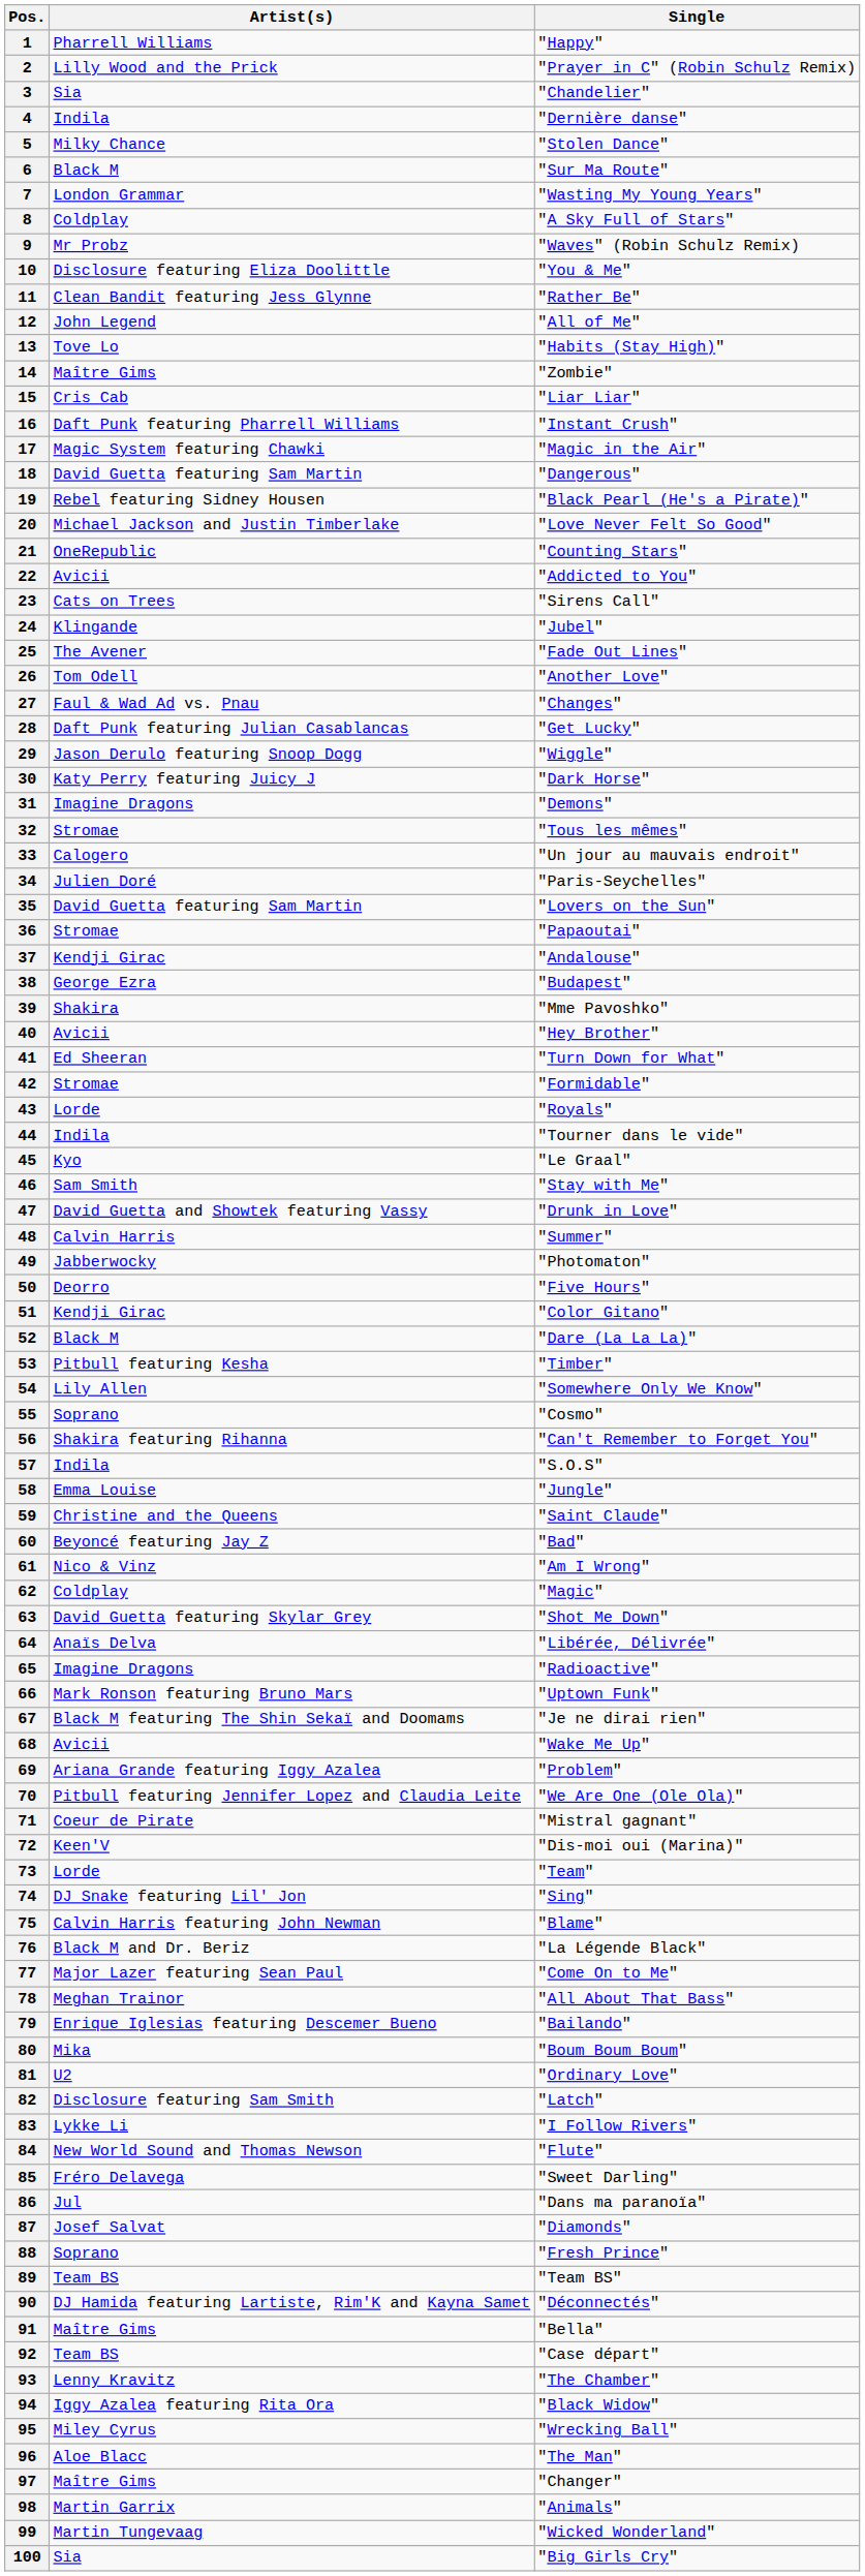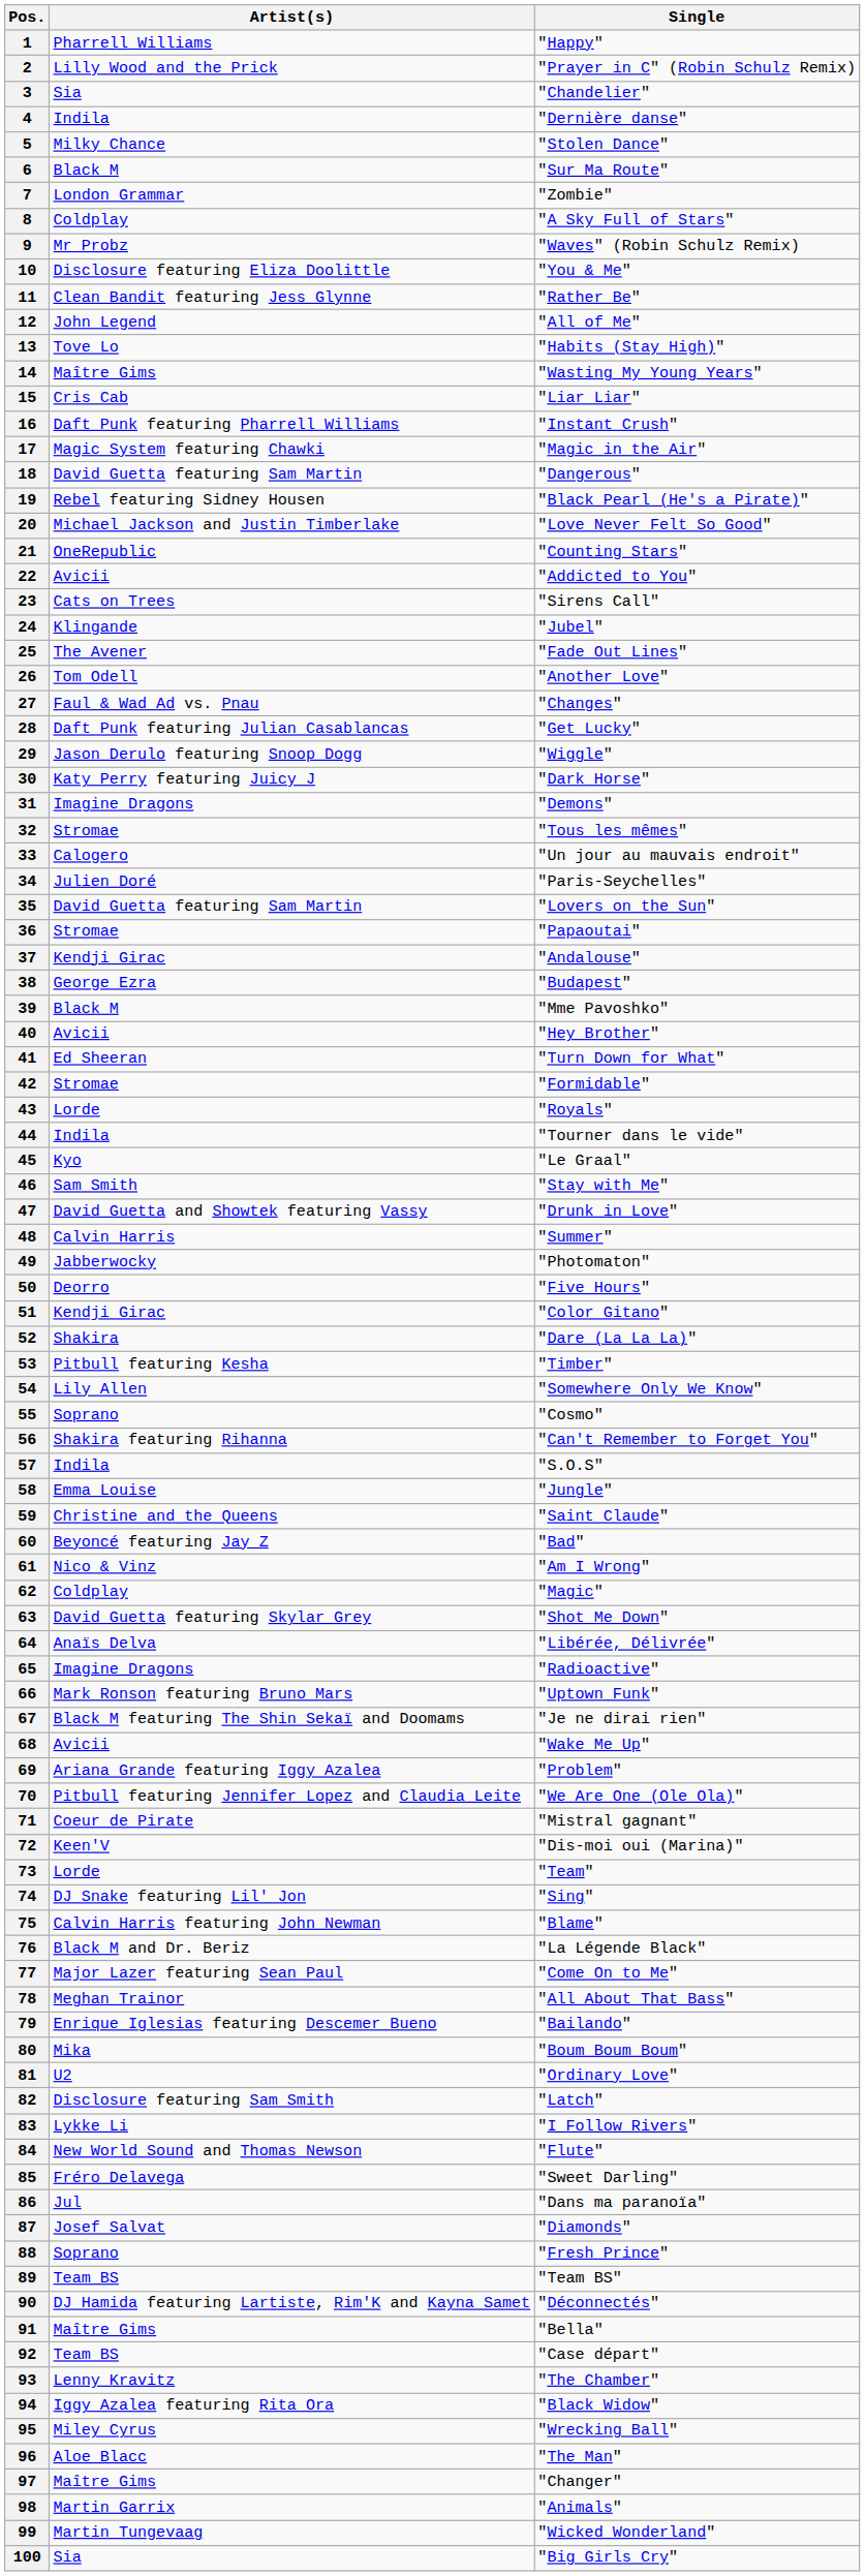 <table class="wikitable sortable">
 <tr>
 <th>Pos.</th>
 <th>Artist(s)</th>
 <th>Single</th>
 </tr>
 <tr>
 <th>1</th>
 <td><a href='#'>Pharrell Williams</a></td>
 <td>"<a href='#'>Happy</a>"</td>
 </tr>
 <tr>
 <th>2</th>
 <td><a href='#'>Lilly Wood and the Prick</a></td>
 <td>"<a href='#'>Prayer in C</a>" (<a href='#'>Robin Schulz</a> Remix)</td>
 </tr>
 <tr>
 <th>3</th>
 <td><a href='#'>Sia</a></td>
 <td>"<a href='#'>Chandelier</a>"</td>
 </tr>
 <tr>
 <th>4</th>
 <td><a href='#'>Indila</a></td>
 <td>"<a href='#'>Dernière danse</a>"</td>
 </tr>
 <tr>
 <th>5</th>
 <td><a href='#'>Milky Chance</a></td>
 <td>"<a href='#'>Stolen Dance</a>"</td>
 </tr>
 <tr>
 <th>6</th>
 <td><a href='#'>Black M</a></td>
 <td>"<a href='#'>Sur Ma Route</a>"</td>
 </tr>
 <tr>
 <th>7</th>
 <td><a href='#'>London Grammar</a></td>
-<td>"<a href='#'>Wasting My Young Years</a>"</td>
+<td>"Zombie"</td>
 </tr>
 <tr>
 <th>8</th>
 <td><a href='#'>Coldplay</a></td>
 <td>"<a href='#'>A Sky Full of Stars</a>"</td>
 </tr>
 <tr>
 <th>9</th>
 <td><a href='#'>Mr Probz</a></td>
 <td>"<a href='#'>Waves</a>" (Robin Schulz Remix)</td>
 </tr>
 <tr>
 <th>10</th>
 <td><a href='#'>Disclosure</a> featuring <a href='#'>Eliza Doolittle</a></td>
 <td>"<a href='#'>You & Me</a>"</td>
 </tr>
 <tr>
 <th>11</th>
 <td><a href='#'>Clean Bandit</a> featuring <a href='#'>Jess Glynne</a></td>
 <td>"<a href='#'>Rather Be</a>"</td>
 </tr>
 <tr>
 <th>12</th>
 <td><a href='#'>John Legend</a></td>
 <td>"<a href='#'>All of Me</a>"</td>
 </tr>
 <tr>
 <th>13</th>
 <td><a href='#'>Tove Lo</a></td>
 <td>"<a href='#'>Habits (Stay High)</a>"</td>
 </tr>
 <tr>
 <th>14</th>
 <td><a href='#'>Maître Gims</a></td>
-<td>"Zombie"</td>
+<td>"<a href='#'>Wasting My Young Years</a>"</td>
 </tr>
 <tr>
 <th>15</th>
 <td><a href='#'>Cris Cab</a></td>
 <td>"<a href='#'>Liar Liar</a>"</td>
 </tr>
 <tr>
 <th>16</th>
 <td><a href='#'>Daft Punk</a> featuring <a href='#'>Pharrell Williams</a></td>
 <td>"<a href='#'>Instant Crush</a>"</td>
 </tr>
 <tr>
 <th>17</th>
 <td><a href='#'>Magic System</a> featuring <a href='#'>Chawki</a></td>
 <td>"<a href='#'>Magic in the Air</a>"</td>
 </tr>
 <tr>
 <th>18</th>
 <td><a href='#'>David Guetta</a> featuring <a href='#'>Sam Martin</a></td>
 <td>"<a href='#'>Dangerous</a>"</td>
 </tr>
 <tr>
 <th>19</th>
 <td><a href='#'>Rebel</a> featuring Sidney Housen</td>
 <td>"<a href='#'>Black Pearl (He's a Pirate)</a>"</td>
 </tr>
 <tr>
 <th>20</th>
 <td><a href='#'>Michael Jackson</a> and <a href='#'>Justin Timberlake</a></td>
 <td>"<a href='#'>Love Never Felt So Good</a>"</td>
 </tr>
 <tr>
 <th>21</th>
 <td><a href='#'>OneRepublic</a></td>
 <td>"<a href='#'>Counting Stars</a>"</td>
 </tr>
 <tr>
 <th>22</th>
 <td><a href='#'>Avicii</a></td>
 <td>"<a href='#'>Addicted to You</a>"</td>
 </tr>
 <tr>
 <th>23</th>
 <td><a href='#'>Cats on Trees</a></td>
 <td>"Sirens Call"</td>
 </tr>
 <tr>
 <th>24</th>
 <td><a href='#'>Klingande</a></td>
 <td>"<a href='#'>Jubel</a>"</td>
 </tr>
 <tr>
 <th>25</th>
 <td><a href='#'>The Avener</a></td>
 <td>"<a href='#'>Fade Out Lines</a>"</td>
 </tr>
 <tr>
 <th>26</th>
 <td><a href='#'>Tom Odell</a></td>
 <td>"<a href='#'>Another Love</a>"</td>
 </tr>
 <tr>
 <th>27</th>
 <td><a href='#'>Faul & Wad Ad</a> vs. <a href='#'>Pnau</a></td>
 <td>"<a href='#'>Changes</a>"</td>
 </tr>
 <tr>
 <th>28</th>
 <td><a href='#'>Daft Punk</a> featuring <a href='#'>Julian Casablancas</a></td>
 <td>"<a href='#'>Get Lucky</a>"</td>
 </tr>
 <tr>
 <th>29</th>
 <td><a href='#'>Jason Derulo</a> featuring <a href='#'>Snoop Dogg</a></td>
 <td>"<a href='#'>Wiggle</a>"</td>
 </tr>
 <tr>
 <th>30</th>
 <td><a href='#'>Katy Perry</a> featuring <a href='#'>Juicy J</a></td>
 <td>"<a href='#'>Dark Horse</a>"</td>
 </tr>
 <tr>
 <th>31</th>
 <td><a href='#'>Imagine Dragons</a></td>
 <td>"<a href='#'>Demons</a>"</td>
 </tr>
 <tr>
 <th>32</th>
 <td><a href='#'>Stromae</a></td>
 <td>"<a href='#'>Tous les mêmes</a>"</td>
 </tr>
 <tr>
 <th>33</th>
 <td><a href='#'>Calogero</a></td>
 <td>"Un jour au mauvais endroit"</td>
 </tr>
 <tr>
 <th>34</th>
 <td><a href='#'>Julien Doré</a></td>
 <td>"Paris-Seychelles"</td>
 </tr>
 <tr>
 <th>35</th>
 <td><a href='#'>David Guetta</a> featuring <a href='#'>Sam Martin</a></td>
 <td>"<a href='#'>Lovers on the Sun</a>"</td>
 </tr>
 <tr>
 <th>36</th>
 <td><a href='#'>Stromae</a></td>
 <td>"<a href='#'>Papaoutai</a>"</td>
 </tr>
 <tr>
 <th>37</th>
 <td><a href='#'>Kendji Girac</a></td>
 <td>"<a href='#'>Andalouse</a>"</td>
 </tr>
 <tr>
 <th>38</th>
 <td><a href='#'>George Ezra</a></td>
 <td>"<a href='#'>Budapest</a>"</td>
 </tr>
 <tr>
 <th>39</th>
-<td><a href='#'>Shakira</a></td>
+<td><a href='#'>Black M</a></td>
 <td>"Mme Pavoshko"</td>
 </tr>
 <tr>
 <th>40</th>
 <td><a href='#'>Avicii</a></td>
 <td>"<a href='#'>Hey Brother</a>"</td>
 </tr>
 <tr>
 <th>41</th>
 <td><a href='#'>Ed Sheeran</a></td>
 <td>"<a href='#'>Turn Down for What</a>"</td>
 </tr>
 <tr>
 <th>42</th>
 <td><a href='#'>Stromae</a></td>
 <td>"<a href='#'>Formidable</a>"</td>
 </tr>
 <tr>
 <th>43</th>
 <td><a href='#'>Lorde</a></td>
 <td>"<a href='#'>Royals</a>"</td>
 </tr>
 <tr>
 <th>44</th>
 <td><a href='#'>Indila</a></td>
 <td>"Tourner dans le vide"</td>
 </tr>
 <tr>
 <th>45</th>
 <td><a href='#'>Kyo</a></td>
 <td>"Le Graal"</td>
 </tr>
 <tr>
 <th>46</th>
 <td><a href='#'>Sam Smith</a></td>
 <td>"<a href='#'>Stay with Me</a>"</td>
 </tr>
 <tr>
 <th>47</th>
 <td><a href='#'>David Guetta</a> and <a href='#'>Showtek</a> featuring <a href='#'>Vassy</a></td>
 <td>"<a href='#'>Drunk in Love</a>"</td>
 </tr>
 <tr>
 <th>48</th>
 <td><a href='#'>Calvin Harris</a></td>
 <td>"<a href='#'>Summer</a>"</td>
 </tr>
 <tr>
 <th>49</th>
 <td><a href='#'>Jabberwocky</a></td>
 <td>"Photomaton"</td>
 </tr>
 <tr>
 <th>50</th>
 <td><a href='#'>Deorro</a></td>
 <td>"<a href='#'>Five Hours</a>"</td>
 </tr>
 <tr>
 <th>51</th>
 <td><a href='#'>Kendji Girac</a></td>
 <td>"<a href='#'>Color Gitano</a>"</td>
 </tr>
 <tr>
 <th>52</th>
-<td><a href='#'>Black M</a></td>
+<td><a href='#'>Shakira</a></td>
 <td>"<a href='#'>Dare (La La La)</a>"</td>
 </tr>
 <tr>
 <th>53</th>
 <td><a href='#'>Pitbull</a> featuring <a href='#'>Kesha</a></td>
 <td>"<a href='#'>Timber</a>"</td>
 </tr>
 <tr>
 <th>54</th>
 <td><a href='#'>Lily Allen</a></td>
 <td>"<a href='#'>Somewhere Only We Know</a>"</td>
 </tr>
 <tr>
 <th>55</th>
 <td><a href='#'>Soprano</a></td>
 <td>"Cosmo"</td>
 </tr>
 <tr>
 <th>56</th>
 <td><a href='#'>Shakira</a> featuring <a href='#'>Rihanna</a></td>
 <td>"<a href='#'>Can't Remember to Forget You</a>"</td>
 </tr>
 <tr>
 <th>57</th>
 <td><a href='#'>Indila</a></td>
 <td>"S.O.S"</td>
 </tr>
 <tr>
 <th>58</th>
 <td><a href='#'>Emma Louise</a></td>
 <td>"<a href='#'>Jungle</a>"</td>
 </tr>
 <tr>
 <th>59</th>
 <td><a href='#'>Christine and the Queens</a></td>
 <td>"<a href='#'>Saint Claude</a>"</td>
 </tr>
 <tr>
 <th>60</th>
 <td><a href='#'>Beyoncé</a> featuring <a href='#'>Jay Z</a></td>
 <td>"<a href='#'>Bad</a>"</td>
 </tr>
 <tr>
 <th>61</th>
 <td><a href='#'>Nico & Vinz</a></td>
 <td>"<a href='#'>Am I Wrong</a>"</td>
 </tr>
 <tr>
 <th>62</th>
 <td><a href='#'>Coldplay</a></td>
 <td>"<a href='#'>Magic</a>"</td>
 </tr>
 <tr>
 <th>63</th>
 <td><a href='#'>David Guetta</a> featuring <a href='#'>Skylar Grey</a></td>
 <td>"<a href='#'>Shot Me Down</a>"</td>
 </tr>
 <tr>
 <th>64</th>
 <td><a href='#'>Anaïs Delva</a></td>
 <td>"<a href='#'>Libérée, Délivrée</a>"</td>
 </tr>
 <tr>
 <th>65</th>
 <td><a href='#'>Imagine Dragons</a></td>
 <td>"<a href='#'>Radioactive</a>"</td>
 </tr>
 <tr>
 <th>66</th>
 <td><a href='#'>Mark Ronson</a> featuring <a href='#'>Bruno Mars</a></td>
 <td>"<a href='#'>Uptown Funk</a>"</td>
 </tr>
 <tr>
 <th>67</th>
 <td><a href='#'>Black M</a> featuring <a href='#'>The Shin Sekaï</a> and Doomams</td>
 <td>"Je ne dirai rien"</td>
 </tr>
 <tr>
 <th>68</th>
 <td><a href='#'>Avicii</a></td>
 <td>"<a href='#'>Wake Me Up</a>"</td>
 </tr>
 <tr>
 <th>69</th>
 <td><a href='#'>Ariana Grande</a> featuring <a href='#'>Iggy Azalea</a></td>
 <td>"<a href='#'>Problem</a>"</td>
 </tr>
 <tr>
 <th>70</th>
 <td><a href='#'>Pitbull</a> featuring <a href='#'>Jennifer Lopez</a> and <a href='#'>Claudia Leite</a></td>
 <td>"<a href='#'>We Are One (Ole Ola)</a>"</td>
 </tr>
 <tr>
 <th>71</th>
 <td><a href='#'>Coeur de Pirate</a></td>
 <td>"Mistral gagnant"</td>
 </tr>
 <tr>
 <th>72</th>
 <td><a href='#'>Keen'V</a></td>
 <td>"Dis-moi oui (Marina)"</td>
 </tr>
 <tr>
 <th>73</th>
 <td><a href='#'>Lorde</a></td>
 <td>"<a href='#'>Team</a>"</td>
 </tr>
 <tr>
 <th>74</th>
 <td><a href='#'>DJ Snake</a> featuring <a href='#'>Lil' Jon</a></td>
 <td>"<a href='#'>Sing</a>"</td>
 </tr>
 <tr>
 <th>75</th>
 <td><a href='#'>Calvin Harris</a> featuring <a href='#'>John Newman</a></td>
 <td>"<a href='#'>Blame</a>"</td>
 </tr>
 <tr>
 <th>76</th>
 <td><a href='#'>Black M</a> and Dr. Beriz</td>
 <td>"La Légende Black"</td>
 </tr>
 <tr>
 <th>77</th>
 <td><a href='#'>Major Lazer</a> featuring <a href='#'>Sean Paul</a></td>
 <td>"<a href='#'>Come On to Me</a>"</td>
 </tr>
 <tr>
 <th>78</th>
 <td><a href='#'>Meghan Trainor</a></td>
 <td>"<a href='#'>All About That Bass</a>"</td>
 </tr>
 <tr>
 <th>79</th>
 <td><a href='#'>Enrique Iglesias</a> featuring <a href='#'>Descemer Bueno</a></td>
 <td>"<a href='#'>Bailando</a>"</td>
 </tr>
 <tr>
 <th>80</th>
 <td><a href='#'>Mika</a></td>
 <td>"<a href='#'>Boum Boum Boum</a>"</td>
 </tr>
 <tr>
 <th>81</th>
 <td><a href='#'>U2</a></td>
 <td>"<a href='#'>Ordinary Love</a>"</td>
 </tr>
 <tr>
 <th>82</th>
 <td><a href='#'>Disclosure</a> featuring <a href='#'>Sam Smith</a></td>
 <td>"<a href='#'>Latch</a>"</td>
 </tr>
 <tr>
 <th>83</th>
 <td><a href='#'>Lykke Li</a></td>
 <td>"<a href='#'>I Follow Rivers</a>"</td>
 </tr>
 <tr>
 <th>84</th>
 <td><a href='#'>New World Sound</a> and <a href='#'>Thomas Newson</a></td>
 <td>"<a href='#'>Flute</a>"</td>
 </tr>
 <tr>
 <th>85</th>
 <td><a href='#'>Fréro Delavega</a></td>
 <td>"Sweet Darling"</td>
 </tr>
 <tr>
 <th>86</th>
 <td><a href='#'>Jul</a></td>
 <td>"Dans ma paranoïa"</td>
 </tr>
 <tr>
 <th>87</th>
 <td><a href='#'>Josef Salvat</a></td>
 <td>"<a href='#'>Diamonds</a>"</td>
 </tr>
 <tr>
 <th>88</th>
 <td><a href='#'>Soprano</a></td>
 <td>"<a href='#'>Fresh Prince</a>"</td>
 </tr>
 <tr>
 <th>89</th>
 <td><a href='#'>Team BS</a></td>
 <td>"Team BS"</td>
 </tr>
 <tr>
 <th>90</th>
 <td><a href='#'>DJ Hamida</a> featuring <a href='#'>Lartiste</a>, <a href='#'>Rim'K</a> and <a href='#'>Kayna Samet</a></td>
 <td>"<a href='#'>Déconnectés</a>"</td>
 </tr>
 <tr>
 <th>91</th>
 <td><a href='#'>Maître Gims</a></td>
 <td>"Bella"</td>
 </tr>
 <tr>
 <th>92</th>
 <td><a href='#'>Team BS</a></td>
 <td>"Case départ"</td>
 </tr>
 <tr>
 <th>93</th>
 <td><a href='#'>Lenny Kravitz</a></td>
 <td>"<a href='#'>The Chamber</a>"</td>
 </tr>
 <tr>
 <th>94</th>
 <td><a href='#'>Iggy Azalea</a> featuring <a href='#'>Rita Ora</a></td>
 <td>"<a href='#'>Black Widow</a>"</td>
 </tr>
 <tr>
 <th>95</th>
 <td><a href='#'>Miley Cyrus</a></td>
 <td>"<a href='#'>Wrecking Ball</a>"</td>
 </tr>
 <tr>
 <th>96</th>
 <td><a href='#'>Aloe Blacc</a></td>
 <td>"<a href='#'>The Man</a>"</td>
 </tr>
 <tr>
 <th>97</th>
 <td><a href='#'>Maître Gims</a></td>
 <td>"Changer"</td>
 </tr>
 <tr>
 <th>98</th>
 <td><a href='#'>Martin Garrix</a></td>
 <td>"<a href='#'>Animals</a>"</td>
 </tr>
 <tr>
 <th>99</th>
 <td><a href='#'>Martin Tungevaag</a></td>
 <td>"<a href='#'>Wicked Wonderland</a>"</td>
 </tr>
 <tr>
 <th>100</th>
 <td><a href='#'>Sia</a></td>
 <td>"<a href='#'>Big Girls Cry</a>"</td>
 </tr>
 </table>
